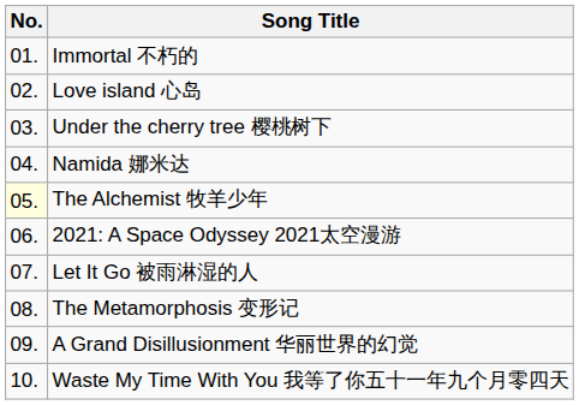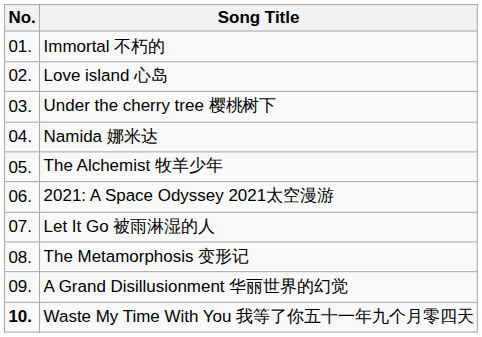 <table class="wikitable">
 <tr>
 <th>No.</th>
 <th>Song Title</th>
 </tr>
 <tr>
 <td>01.</td>
 <td>Immortal 不朽的</td>
 </tr>
 <tr>
 <td>02.</td>
 <td>Love island 心岛</td>
 </tr>
 <tr>
 <td>03.</td>
 <td>Under the cherry tree 樱桃树下</td>
 </tr>
 <tr>
 <td>04.</td>
 <td>Namida 娜米达</td>
 </tr>
 <tr>
-<td style="background: lightyellow;">05.</td>
+<td>05.</td>
 <td>The Alchemist 牧羊少年</td>
 </tr>
 <tr>
 <td>06.</td>
 <td>2021: A Space Odyssey 2021太空漫游</td>
 </tr>
 <tr>
 <td>07.</td>
 <td>Let It Go 被雨淋湿的人</td>
 </tr>
 <tr>
 <td>08.</td>
 <td>The Metamorphosis 变形记</td>
 </tr>
 <tr>
 <td>09.</td>
 <td>A Grand Disillusionment 华丽世界的幻觉</td>
 </tr>
 <tr>
-<td>10.</td>
+<td><strong>10.</strong></td>
 <td>Waste My Time With You 我等了你五十一年九个月零四天</td>
 </tr>
 </table>
